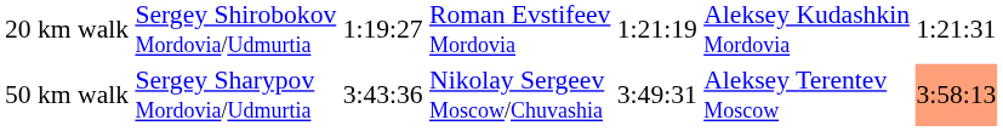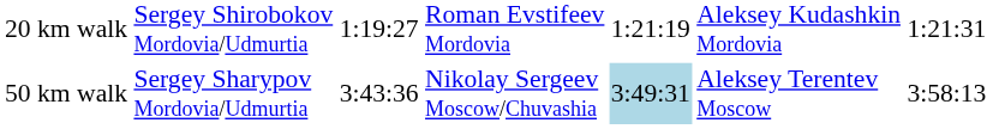 <table>
 <tr>
 <td>20 km walk</td>
 <td><a href='#'>Sergey Shirobokov</a><br><small><a href='#'>Mordovia</a>/<a href='#'>Udmurtia</a></small></td>
 <td>1:19:27</td>
 <td><a href='#'>Roman Evstifeev</a><br><small><a href='#'>Mordovia</a></small></td>
 <td>1:21:19</td>
 <td><a href='#'>Aleksey Kudashkin</a><br><small><a href='#'>Mordovia</a></small></td>
 <td>1:21:31</td>
 </tr>
 <tr>
 <td>50 km walk</td>
 <td><a href='#'>Sergey Sharypov</a><br><small><a href='#'>Mordovia</a>/<a href='#'>Udmurtia</a></small></td>
 <td>3:43:36</td>
 <td><a href='#'>Nikolay Sergeev</a><br><small><a href='#'>Moscow</a>/<a href='#'>Chuvashia</a></small></td>
-<td>3:49:31</td>
+<td style="background: lightblue;">3:49:31</td>
 <td><a href='#'>Aleksey Terentev</a><br><small><a href='#'>Moscow</a></small></td>
-<td style="background: lightsalmon;">3:58:13</td>
+<td>3:58:13</td>
 </tr>
 </table>
